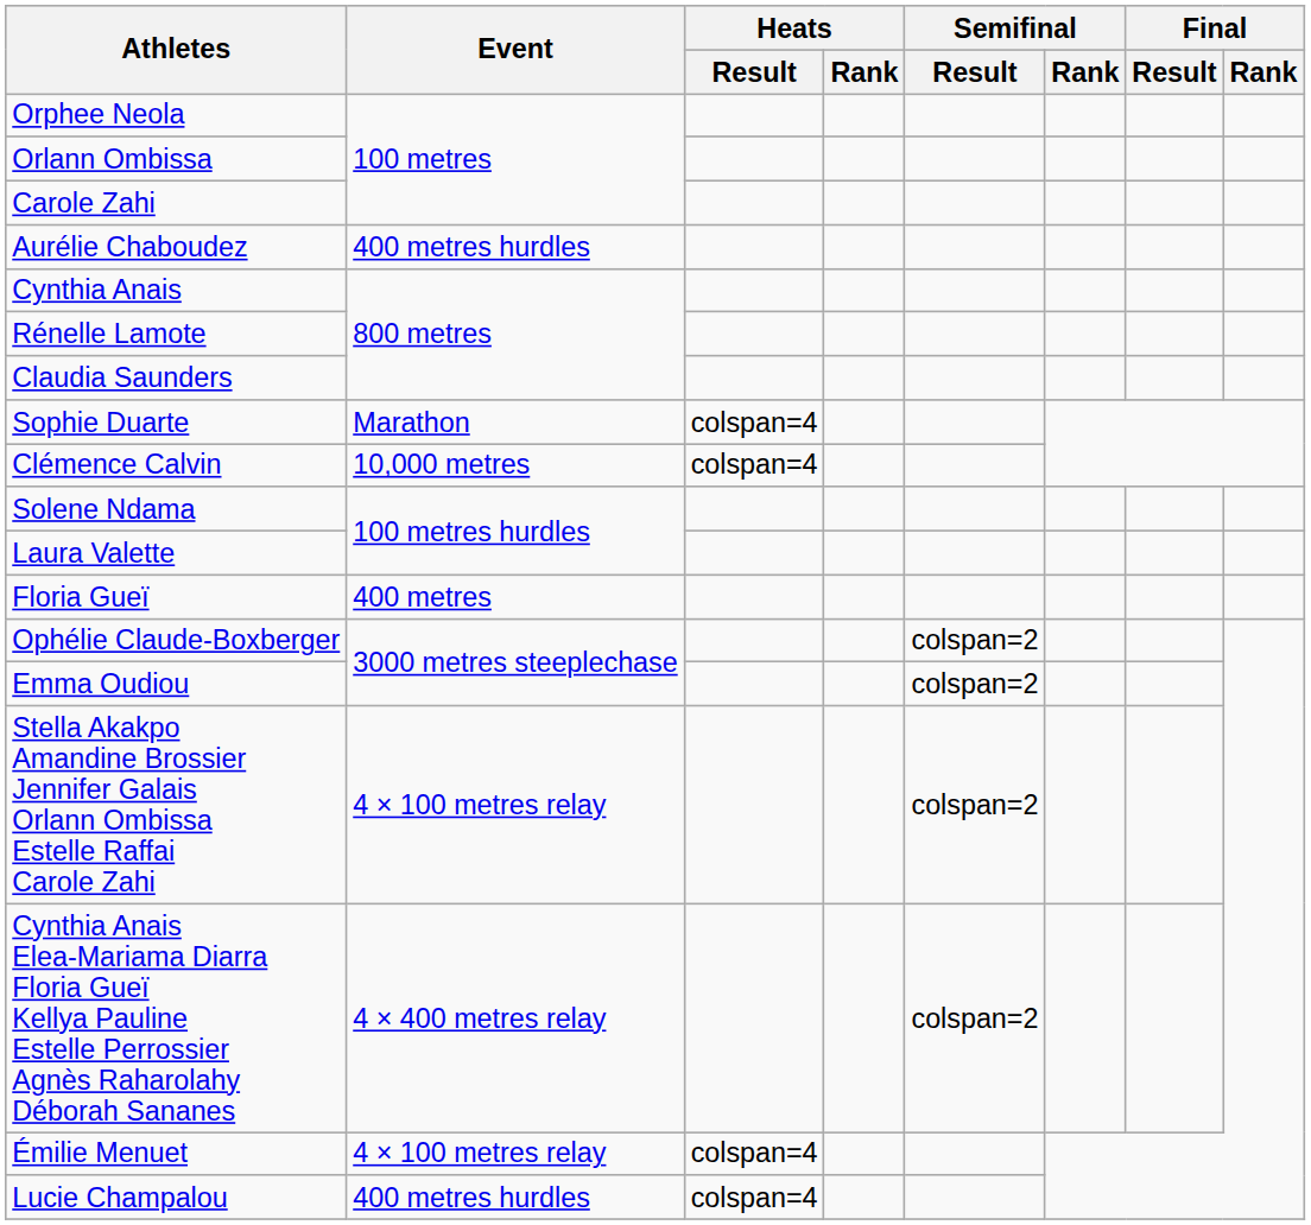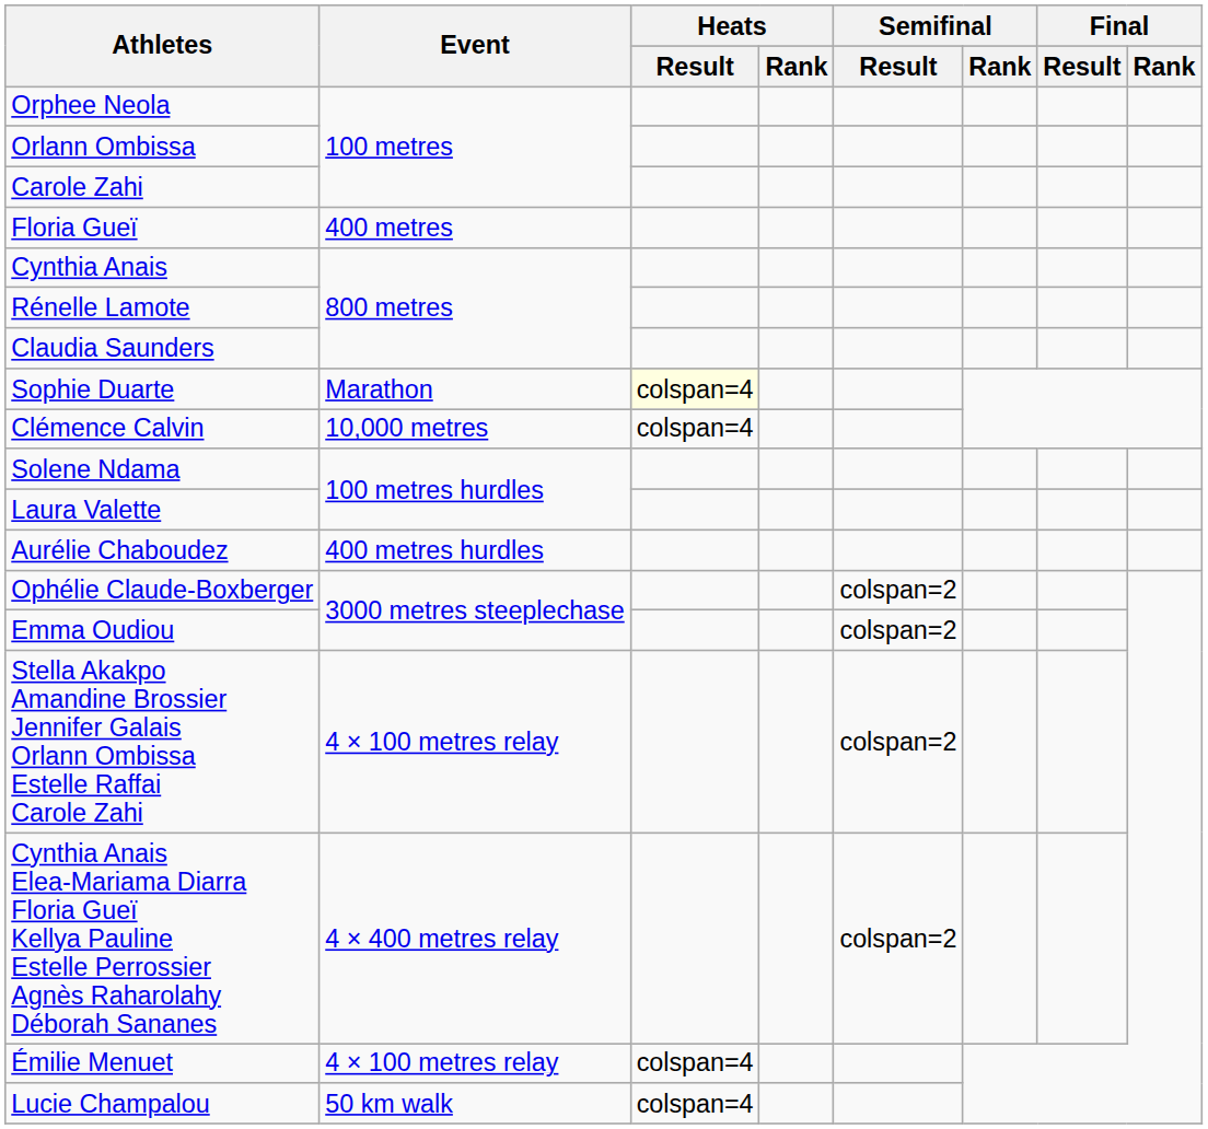 <table class="wikitable" border="1" style="font-size:90%">
 <tr>
 <th rowspan="2">Athletes</th>
 <th rowspan="2">Event</th>
 <th colspan="2">Heats</th>
 <th colspan="2">Semifinal</th>
 <th colspan="2">Final</th>
 </tr>
 <tr>
 <th>Result</th>
 <th>Rank</th>
 <th>Result</th>
 <th>Rank</th>
 <th>Result</th>
 <th>Rank</th>
 </tr>
 <tr>
 <td><a href='#'>Orphee Neola</a></td>
 <td rowspan=3><a href='#'>100 metres</a></td>
 <td align=center></td>
 <td align=center></td>
 <td align=center></td>
 <td align=center></td>
 <td align=center></td>
 <td align=center></td>
 </tr>
 <tr>
 <td><a href='#'>Orlann Ombissa</a></td>
 <td align=center></td>
 <td align=center></td>
 <td align=center></td>
 <td align=center></td>
 <td align=center></td>
 <td align=center></td>
 </tr>
 <tr>
 <td><a href='#'>Carole Zahi</a></td>
 <td align=center></td>
 <td align=center></td>
 <td align=center></td>
 <td align=center></td>
 <td align=center></td>
 <td align=center></td>
 </tr>
 <tr>
-<td><a href='#'>Aurélie Chaboudez</a></td>
-<td><a href='#'>400 metres hurdles</a></td>
+<td><a href='#'>Floria Gueï</a></td>
+<td><a href='#'>400 metres</a></td>
 <td align=center></td>
 <td align=center></td>
 <td align=center></td>
 <td align=center></td>
 <td align=center></td>
 <td align=center></td>
 </tr>
 <tr>
 <td><a href='#'>Cynthia Anais</a></td>
 <td rowspan=3><a href='#'>800 metres</a></td>
 <td align=center></td>
 <td align=center></td>
 <td align=center></td>
 <td align=center></td>
 <td align=center></td>
 <td align=center></td>
 </tr>
 <tr>
 <td><a href='#'>Rénelle Lamote</a></td>
 <td align=center></td>
 <td align=center></td>
 <td align=center></td>
 <td align=center></td>
 <td align=center></td>
 <td align=center></td>
 </tr>
 <tr>
 <td><a href='#'>Claudia Saunders</a></td>
 <td align=center></td>
 <td align=center></td>
 <td align=center></td>
 <td align=center></td>
 <td align=center></td>
 <td align=center></td>
 </tr>
 <tr>
 <td><a href='#'>Sophie Duarte</a></td>
 <td><a href='#'>Marathon</a></td>
-<td>colspan=4</td>
+<td style="background: lightyellow;">colspan=4</td>
 <td align=center></td>
 <td align=center></td>
 </tr>
 <tr>
 <td><a href='#'>Clémence Calvin</a></td>
 <td><a href='#'>10,000 metres</a></td>
 <td>colspan=4</td>
 <td align=center></td>
 <td align=center></td>
 </tr>
 <tr>
 <td><a href='#'>Solene Ndama</a></td>
 <td rowspan=2><a href='#'>100 metres hurdles</a></td>
 <td align=center></td>
 <td align=center></td>
 <td align=center></td>
 <td align=center></td>
 <td align=center></td>
 <td align=center></td>
 </tr>
 <tr>
 <td><a href='#'>Laura Valette</a></td>
 <td align=center></td>
 <td align=center></td>
 <td align=center></td>
 <td align=center></td>
 <td align=center></td>
 <td align=center></td>
 </tr>
 <tr>
-<td><a href='#'>Floria Gueï</a></td>
-<td><a href='#'>400 metres</a></td>
+<td><a href='#'>Aurélie Chaboudez</a></td>
+<td><a href='#'>400 metres hurdles</a></td>
 <td align=center></td>
 <td align=center></td>
 <td align=center></td>
 <td align=center></td>
 <td align=center></td>
 <td align=center></td>
 </tr>
 <tr>
 <td><a href='#'>Ophélie Claude-Boxberger</a></td>
 <td rowspan=2><a href='#'>3000 metres steeplechase</a></td>
 <td align=center></td>
 <td align=center></td>
 <td>colspan=2</td>
 <td align=center></td>
 <td align=center></td>
 </tr>
 <tr>
 <td><a href='#'>Emma Oudiou</a></td>
 <td align=center></td>
 <td align=center></td>
 <td>colspan=2</td>
 <td align=center></td>
 <td align=center></td>
 </tr>
 <tr>
 <td><a href='#'>Stella Akakpo</a><br><a href='#'>Amandine Brossier</a><br><a href='#'>Jennifer Galais</a><br><a href='#'>Orlann Ombissa</a><br><a href='#'>Estelle Raffai</a><br><a href='#'>Carole Zahi</a></td>
 <td><a href='#'>4 × 100 metres relay</a></td>
 <td align=center></td>
 <td align=center></td>
 <td>colspan=2</td>
 <td align=center></td>
 <td align=center></td>
 </tr>
 <tr>
 <td><a href='#'>Cynthia Anais</a><br><a href='#'>Elea-Mariama Diarra</a><br><a href='#'>Floria Gueï</a><br><a href='#'>Kellya Pauline</a><br><a href='#'>Estelle Perrossier</a><br><a href='#'>Agnès Raharolahy</a><br><a href='#'>Déborah Sananes</a></td>
 <td><a href='#'>4 × 400 metres relay</a></td>
 <td align=center></td>
 <td align=center></td>
 <td>colspan=2</td>
 <td align=center></td>
 <td align=center></td>
 </tr>
 <tr>
 <td><a href='#'>Émilie Menuet</a></td>
 <td><a href='#'>4 × 100 metres relay</a></td>
 <td>colspan=4</td>
 <td align=center></td>
 <td align=center></td>
 </tr>
 <tr>
 <td><a href='#'>Lucie Champalou</a></td>
-<td><a href='#'>400 metres hurdles</a></td>
+<td><a href='#'>50 km walk</a></td>
 <td>colspan=4</td>
 <td align=center></td>
 <td align=center></td>
 </tr>
 </table>
